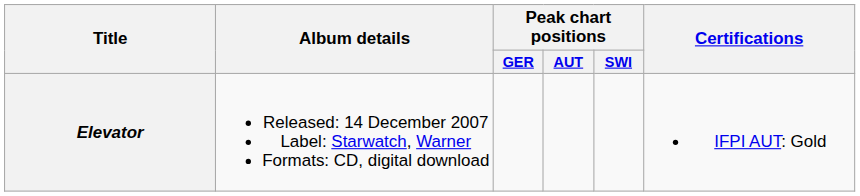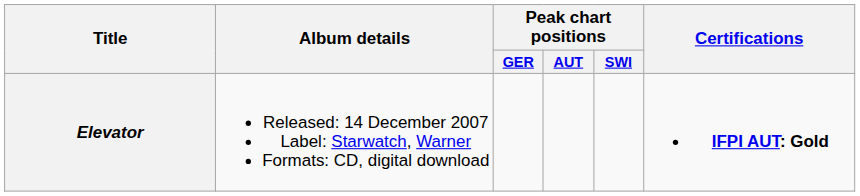 <table class="wikitable plainrowheaders" style="text-align:center;" border="1">
 <tr>
 <th scope="col" rowspan="2" style="width:12em;">Title</th>
 <th scope="col" rowspan="2">Album details</th>
 <th scope="col" colspan="3">Peak chart positions</th>
 <th scope="col" rowspan="2" style="width:12em;"><a href='#'>Certifications</a></th>
 </tr>
 <tr>
 <th style="width:3em;font-size:85%"><a href='#'>GER</a><br></th>
 <th style="width:3em;font-size:85%"><a href='#'>AUT</a><br></th>
 <th style="width:3em;font-size:85%"><a href='#'>SWI</a><br></th>
 </tr>
 <tr>
 <th scope="row"><em>Elevator</em></th>
 <td><br><ul><li>Released: 14 December 2007</li><li>Label: <a href='#'>Starwatch</a>, <a href='#'>Warner</a></li><li>Formats: CD, digital download</li></ul></td>
 <td></td>
 <td></td>
 <td></td>
-<td><br><ul><li><a href='#'>IFPI AUT</a>: Gold</li></ul></td>
+<td><strong><br><ul><li><a href='#'>IFPI AUT</a>: Gold</li></ul></strong></td>
 </tr>
 </table>
